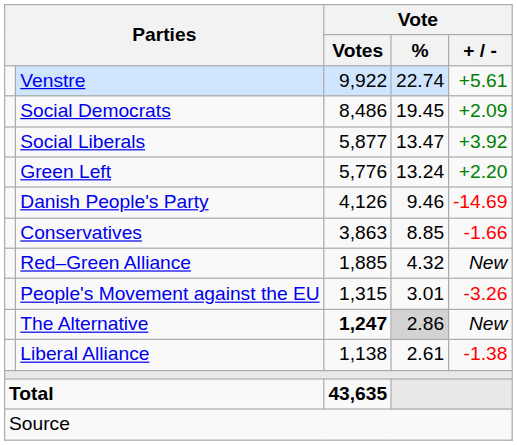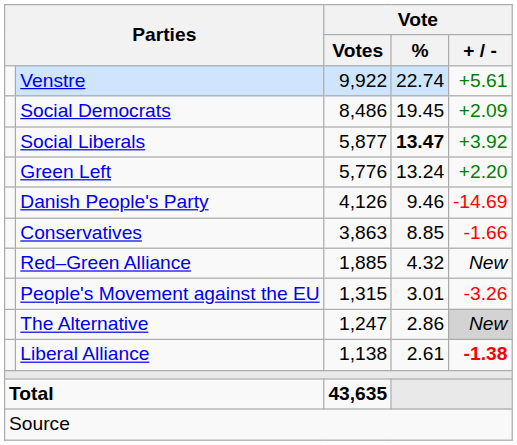 <table class="wikitable" style="text-align:right;">
 <tr>
 <th style="text-align:centre;" rowspan="2" colspan="2" width="225">Parties</th>
 <th colspan="3">Vote</th>
 </tr>
 <tr>
 <th width="15">Votes</th>
 <th width="15">%</th>
 <th width="15">+ / -</th>
 </tr>
 <tr>
 <td width="2" style="color:inherit;background:"></td>
 <td bgcolor=#cfe5fe   align="left"><a href='#'>Venstre</a></td>
 <td bgcolor=#cfe5fe>9,922</td>
 <td bgcolor=#cfe5fe>22.74</td>
 <td style=color:green;>+5.61</td>
 </tr>
 <tr>
 <td width="2" style="color:inherit;background:"></td>
 <td align="left"><a href='#'>Social Democrats</a></td>
 <td>8,486</td>
 <td>19.45</td>
 <td style=color:green;>+2.09</td>
 </tr>
 <tr>
 <td width="2" style="color:inherit;background:"></td>
 <td align="left"><a href='#'>Social Liberals</a></td>
 <td>5,877</td>
-<td>13.47</td>
+<td><strong>13.47</strong></td>
 <td style=color:green;>+3.92</td>
 </tr>
 <tr>
 <td width="2" style="color:inherit;background:"></td>
 <td align="left"><a href='#'>Green Left</a></td>
 <td>5,776</td>
 <td>13.24</td>
 <td style=color:green;>+2.20</td>
 </tr>
 <tr>
 <td width="2" style="color:inherit;background:"></td>
 <td align="left"><a href='#'>Danish People's Party</a></td>
 <td>4,126</td>
 <td>9.46</td>
 <td style=color:red;>-14.69</td>
 </tr>
 <tr>
 <td width="2" style="color:inherit;background:"></td>
 <td align="left"><a href='#'>Conservatives</a></td>
 <td>3,863</td>
 <td>8.85</td>
 <td style=color:red;>-1.66</td>
 </tr>
 <tr>
 <td width="2" style="color:inherit;background:"></td>
 <td align="left"><a href='#'>Red–Green Alliance</a></td>
 <td>1,885</td>
 <td>4.32</td>
 <td><em>New</em></td>
 </tr>
 <tr>
 <td width="2" style="color:inherit;background:"></td>
 <td align="left"><a href='#'>People's Movement against the EU</a></td>
 <td>1,315</td>
 <td>3.01</td>
 <td style=color:red;>-3.26</td>
 </tr>
 <tr>
 <td width="2" style="color:inherit;background:"></td>
 <td align="left"><a href='#'>The Alternative</a></td>
-<td><strong>1,247</strong></td>
-<td style="background: lightgrey;">2.86</td>
-<td><em>New</em></td>
+<td>1,247</td>
+<td>2.86</td>
+<td style="background: lightgrey;"><em>New</em></td>
 </tr>
 <tr>
 <td width="2" style="color:inherit;background:"></td>
 <td align="left"><a href='#'>Liberal Alliance</a></td>
 <td>1,138</td>
 <td>2.61</td>
-<td style=color:red;>-1.38</td>
+<td style=color:red;><strong>-1.38</strong></td>
 </tr>
 <tr>
 <td colspan="7" bgcolor="#E9E9E9"></td>
 </tr>
 <tr>
 <td align="left" colspan="2"><strong>Total</strong></td>
 <td><strong>43,635</strong></td>
 <td bgcolor="#E9E9E9" colspan="2"></td>
 </tr>
 <tr>
 <td align="left" colspan="6">Source</td>
 </tr>
 </table>
